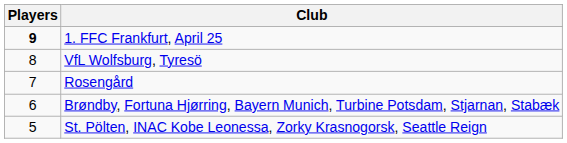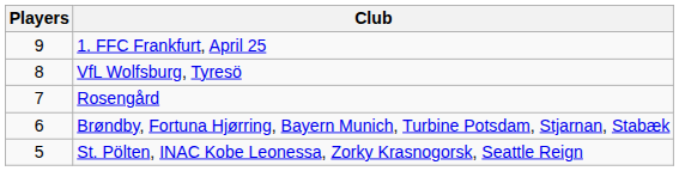 <table class="wikitable">
 <tr>
 <th>Players</th>
 <th>Club</th>
 </tr>
 <tr>
-<td align="center"><strong>9</strong></td>
+<td align="center">9</td>
 <td> <a href='#'>1. FFC Frankfurt</a>,  <a href='#'>April 25</a></td>
 </tr>
 <tr>
 <td align="center">8</td>
 <td> <a href='#'>VfL Wolfsburg</a>,  <a href='#'>Tyresö</a></td>
 </tr>
 <tr>
 <td align="center">7</td>
 <td> <a href='#'>Rosengård</a></td>
 </tr>
 <tr>
 <td align="center">6</td>
 <td> <a href='#'>Brøndby</a>,  <a href='#'>Fortuna Hjørring</a>,  <a href='#'>Bayern Munich</a>,  <a href='#'>Turbine Potsdam</a>,  <a href='#'>Stjarnan</a>,  <a href='#'>Stabæk</a></td>
 </tr>
 <tr>
 <td align="center">5</td>
 <td> <a href='#'>St. Pölten</a>,  <a href='#'>INAC Kobe Leonessa</a>,  <a href='#'>Zorky Krasnogorsk</a>,  <a href='#'>Seattle Reign</a></td>
 </tr>
 </table>
